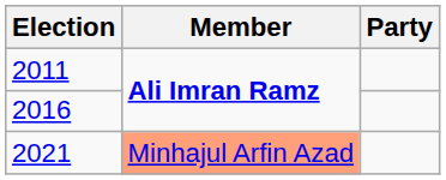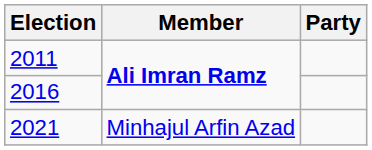 <table class="wikitable sortable" style="font-size:90%">
 <tr>
 <th>Election</th>
 <th>Member</th>
 <th colspan="2">Party</th>
 </tr>
 <tr>
 <td><a href='#'>2011</a></td>
 <td rowspan="2"><strong><a href='#'>Ali Imran Ramz</a></strong></td>
 <td></td>
 </tr>
 <tr>
 <td><a href='#'>2016</a></td>
 </tr>
 <tr>
 <td><a href='#'>2021</a></td>
-<td style="background: lightsalmon;"><a href='#'>Minhajul Arfin Azad</a></td>
+<td><a href='#'>Minhajul Arfin Azad</a></td>
 <td></td>
 </tr>
 </table>
